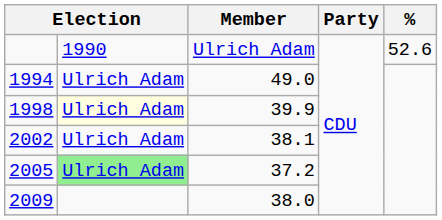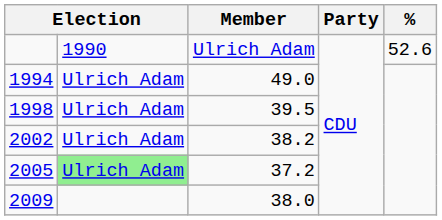 <table class="wikitable">
 <tr>
 <th colspan="2">Election</th>
 <th>Member</th>
 <th>Party</th>
 <th>%</th>
 </tr>
 <tr>
 <td></td>
 <td><a href='#'>1990</a></td>
 <td><a href='#'>Ulrich Adam</a></td>
 <td rowspan="6"><a href='#'>CDU</a></td>
 <td align="right">52.6</td>
 </tr>
 <tr>
 <td><a href='#'>1994</a></td>
 <td><a href='#'>Ulrich Adam</a></td>
 <td align="right">49.0</td>
 </tr>
 <tr>
 <td><a href='#'>1998</a></td>
-<td style="background: lightyellow;"><a href='#'>Ulrich Adam</a></td>
-<td align="right">39.9</td>
+<td><a href='#'>Ulrich Adam</a></td>
+<td align="right">39.5</td>
 </tr>
 <tr>
 <td><a href='#'>2002</a></td>
 <td><a href='#'>Ulrich Adam</a></td>
-<td align="right">38.1</td>
+<td align="right">38.2</td>
 </tr>
 <tr>
 <td><a href='#'>2005</a></td>
 <td style="background: lightgreen;"><a href='#'>Ulrich Adam</a></td>
 <td align="right">37.2</td>
 </tr>
 <tr>
 <td><a href='#'>2009</a></td>
 <td></td>
 <td align="right">38.0</td>
 </tr>
 </table>
